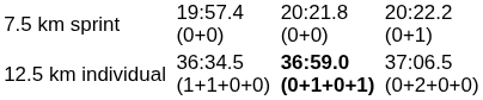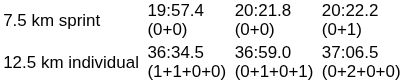 <table>
 <tr>
 <td>7.5 km sprint</td>
 <td></td>
 <td>19:57.4<br>(0+0)</td>
 <td></td>
 <td>20:21.8<br>(0+0)</td>
 <td></td>
 <td>20:22.2<br>(0+1)</td>
 </tr>
 <tr>
 <td>12.5 km individual</td>
 <td></td>
 <td>36:34.5<br>(1+1+0+0)</td>
 <td></td>
-<td><strong>36:59.0<br>(0+1+0+1)</strong></td>
+<td>36:59.0<br>(0+1+0+1)</td>
 <td></td>
 <td>37:06.5<br>(0+2+0+0)</td>
 </tr>
 </table>
